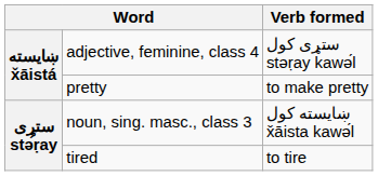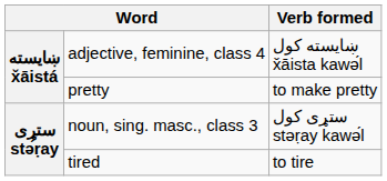 <table class="wikitable">
 <tr>
 <th colspan="2">Word</th>
 <th>Verb formed</th>
 </tr>
 <tr>
 <th rowspan="2">ښايسته<br>x̌āistá</th>
 <td>adjective, feminine, class 4</td>
-<td>ستړی کول<br>stəṛay kawә́l</td>
+<td>ښايسته کول<br>x̌āista kawә́l</td>
 </tr>
 <tr>
 <td>pretty</td>
 <td>to make pretty</td>
 </tr>
 <tr>
 <th rowspan="2">ستړی<br>stә́ṛay</th>
 <td>noun,  sing. masc., class 3</td>
-<td>ښايسته کول<br>x̌āista kawә́l</td>
+<td>ستړی کول<br>stəṛay kawә́l</td>
 </tr>
 <tr>
 <td>tired</td>
 <td>to tire</td>
 </tr>
 </table>
